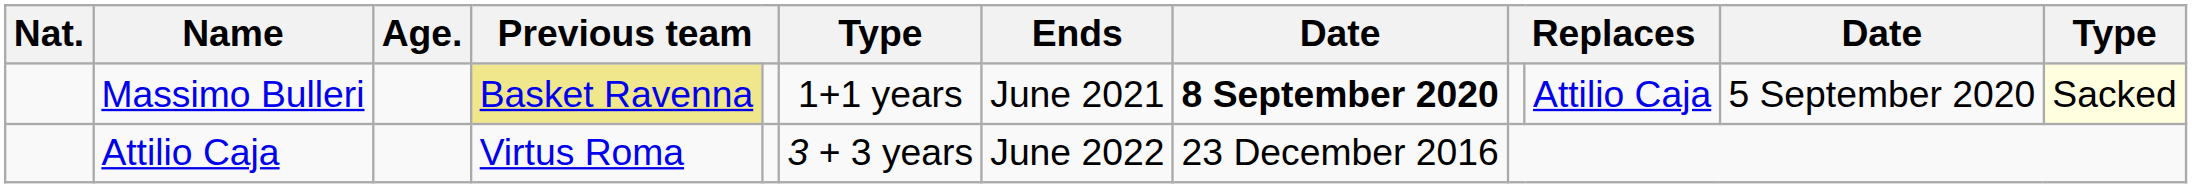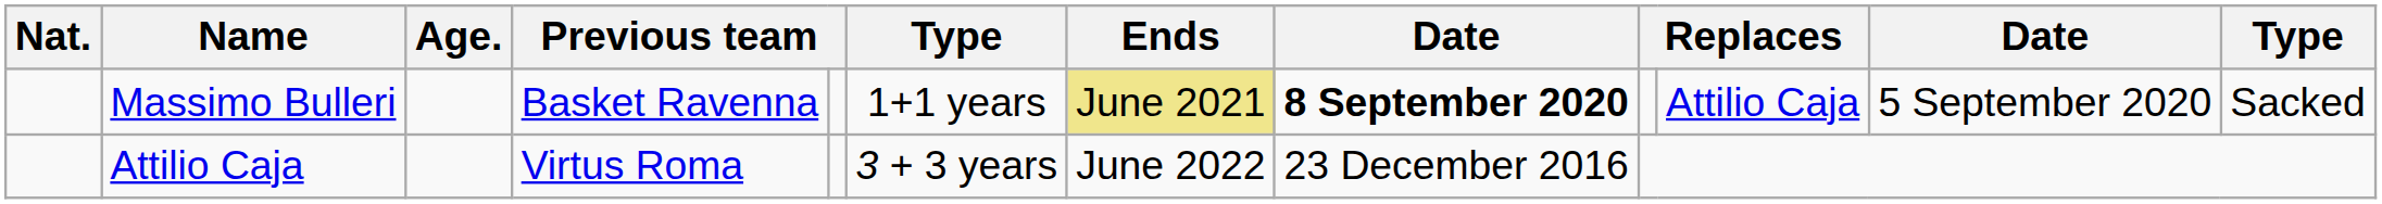 <table class="wikitable sortable">
 <tr>
 <th>Nat.</th>
 <th>Name</th>
 <th>Age.</th>
 <th colspan=2>Previous team</th>
 <th>Type</th>
 <th>Ends</th>
 <th>Date</th>
 <th colspan=2>Replaces</th>
 <th>Date</th>
 <th>Type</th>
 </tr>
 <tr>
 <td style="text-align:center"></td>
 <td><a href='#'>Massimo Bulleri</a></td>
 <td style="text-align:center"></td>
-<td style="background: khaki;"><a href='#'>Basket Ravenna</a></td>
+<td><a href='#'>Basket Ravenna</a></td>
 <td style="text-align:center"></td>
 <td style="text-align:center">1+1 years</td>
-<td>June 2021</td>
+<td style="background: khaki;">June 2021</td>
 <td style="text-align:center"><strong>8 September 2020</strong></td>
 <td style="text-align:center"></td>
 <td><a href='#'>Attilio Caja</a></td>
 <td style="text-align:center">5 September 2020</td>
-<td style="background: lightyellow;">Sacked</td>
+<td>Sacked</td>
 </tr>
 <tr>
 <td style="text-align:center"></td>
 <td><a href='#'>Attilio Caja</a></td>
 <td style="text-align:center"></td>
 <td><a href='#'>Virtus Roma</a></td>
 <td style="text-align:center"></td>
 <td style="text-align:center"><em>3</em> + 3 years</td>
 <td style="text-align:center">June 2022</td>
 <td style="text-align:center">23 December 2016</td>
 </tr>
 </table>
